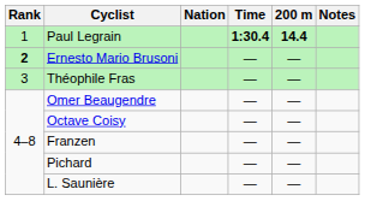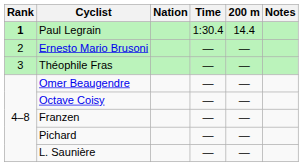 <table class="wikitable sortable" style="text-align:center">
 <tr>
 <th>Rank</th>
 <th>Cyclist</th>
 <th>Nation</th>
 <th>Time</th>
 <th>200 m</th>
 <th>Notes</th>
 </tr>
 <tr bgcolor=bbf3bb>
-<td>1</td>
+<td><strong>1</strong></td>
 <td align=left>Paul Legrain</td>
 <td align=left></td>
-<td><strong>1:30.4</strong></td>
-<td><strong>14.4</strong></td>
+<td>1:30.4</td>
+<td>14.4</td>
 <td></td>
 </tr>
 <tr bgcolor=bbf3bb>
-<td><strong>2</strong></td>
+<td>2</td>
 <td align=left><a href='#'>Ernesto Mario Brusoni</a></td>
 <td align=left></td>
 <td data-sort-value=9:99.9>—</td>
 <td data-sort-value=99.9>—</td>
 <td></td>
 </tr>
 <tr bgcolor=bbf3bb>
 <td>3</td>
 <td align=left>Théophile Fras</td>
 <td align=left></td>
 <td data-sort-value=9:99.9>—</td>
 <td data-sort-value=99.9>—</td>
 <td></td>
 </tr>
 <tr>
 <td rowspan=5>4–8</td>
 <td align=left><a href='#'>Omer Beaugendre</a></td>
 <td align=left></td>
 <td data-sort-value=9:99.9>—</td>
 <td data-sort-value=99.9>—</td>
 <td></td>
 </tr>
 <tr>
 <td align=left><a href='#'>Octave Coisy</a></td>
 <td align=left></td>
 <td data-sort-value=9:99.9>—</td>
 <td data-sort-value=99.9>—</td>
 <td></td>
 </tr>
 <tr>
 <td align=left>Franzen</td>
 <td align=left></td>
 <td data-sort-value=9:99.9>—</td>
 <td data-sort-value=99.9>—</td>
 <td></td>
 </tr>
 <tr>
 <td align=left>Pichard</td>
 <td align=left></td>
 <td data-sort-value=9:99.9>—</td>
 <td data-sort-value=99.9>—</td>
 <td></td>
 </tr>
 <tr>
 <td align=left>L. Saunière</td>
 <td align=left></td>
 <td data-sort-value=9:99.9>—</td>
 <td data-sort-value=99.9>—</td>
 <td></td>
 </tr>
 </table>
